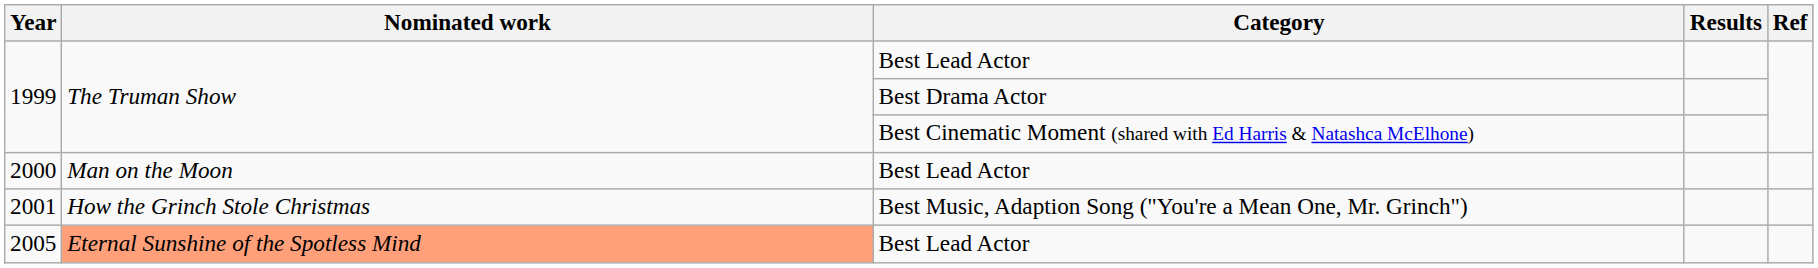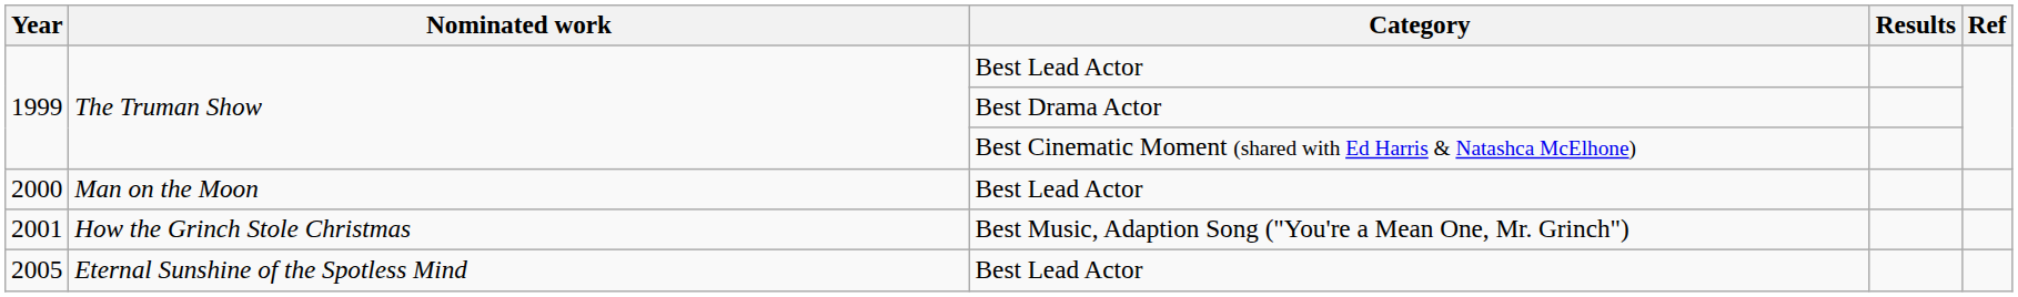 <table class="wikitable">
 <tr>
 <th scope="col" style="width:1em;">Year</th>
 <th scope="col" style="width:35em;">Nominated work</th>
 <th scope="col" style="width:35em;">Category</th>
 <th scope="col" style="width:1em;">Results</th>
 <th scope="col" style="width:1em;">Ref</th>
 </tr>
 <tr>
 <td rowspan="3">1999</td>
 <td rowspan="3"><em>The Truman Show</em></td>
 <td>Best Lead Actor</td>
 <td></td>
 <td rowspan="3"></td>
 </tr>
 <tr>
 <td>Best Drama Actor</td>
 <td></td>
 </tr>
 <tr>
 <td>Best Cinematic Moment <small>(shared with <a href='#'>Ed Harris</a> & <a href='#'>Natashca McElhone</a>)</small></td>
 <td></td>
 </tr>
 <tr>
 <td>2000</td>
 <td><em>Man on the Moon</em></td>
 <td>Best Lead Actor</td>
 <td></td>
 <td></td>
 </tr>
 <tr>
 <td>2001</td>
 <td><em>How the Grinch Stole Christmas</em></td>
 <td>Best Music, Adaption Song ("You're a Mean One, Mr. Grinch")</td>
 <td></td>
 <td></td>
 </tr>
 <tr>
 <td>2005</td>
-<td style="background: lightsalmon;"><em>Eternal Sunshine of the Spotless Mind</em></td>
+<td><em>Eternal Sunshine of the Spotless Mind</em></td>
 <td>Best Lead Actor</td>
 <td></td>
 <td></td>
 </tr>
 </table>
